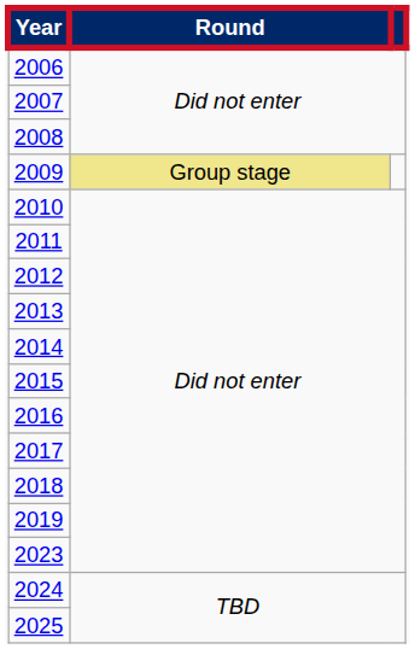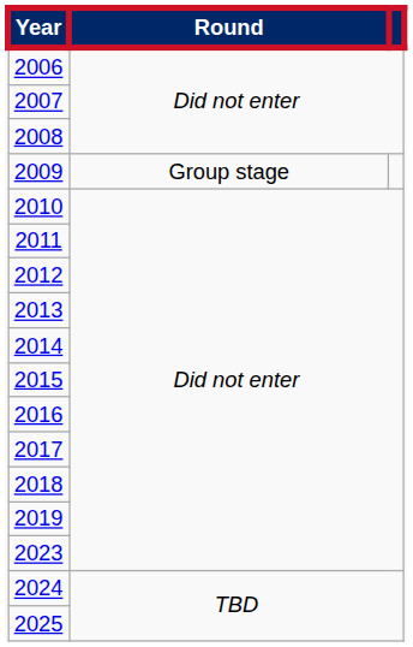 <table class="wikitable" style="text-align: center; font-size:90%">
 <tr style="color:white;">
 <th style="background:#002868; border: 4px solid #CE1126; ">Year</th>
 <th style="background:#002868; border: 4px solid #CE1126; width:200px">Round</th>
 <th style="background:#002868; border: 4px solid #CE1126;"></th>
 </tr>
 <tr>
 <td><a href='#'>2006</a></td>
 <td colspan="2" rowspan="3"><em>Did not enter</em></td>
 </tr>
 <tr>
 <td><a href='#'>2007</a></td>
 </tr>
 <tr>
 <td><a href='#'>2008</a></td>
 </tr>
 <tr>
 <td><a href='#'>2009</a></td>
-<td style="background: khaki;">Group stage</td>
+<td>Group stage</td>
 <td></td>
 </tr>
 <tr>
 <td><a href='#'>2010</a></td>
 <td colspan="2" rowspan="11"><em>Did not enter</em></td>
 </tr>
 <tr>
 <td><a href='#'>2011</a></td>
 </tr>
 <tr>
 <td><a href='#'>2012</a></td>
 </tr>
 <tr>
 <td><a href='#'>2013</a></td>
 </tr>
 <tr>
 <td><a href='#'>2014</a></td>
 </tr>
 <tr>
 <td><a href='#'>2015</a></td>
 </tr>
 <tr>
 <td><a href='#'>2016</a></td>
 </tr>
 <tr>
 <td><a href='#'>2017</a></td>
 </tr>
 <tr>
 <td><a href='#'>2018</a></td>
 </tr>
 <tr>
 <td><a href='#'>2019</a></td>
 </tr>
 <tr>
 <td><a href='#'>2023</a></td>
 </tr>
 <tr>
 <td><a href='#'>2024</a></td>
 <td colspan="2" rowspan="2"><em>TBD</em></td>
 </tr>
 <tr>
 <td><a href='#'>2025</a></td>
 </tr>
 </table>
